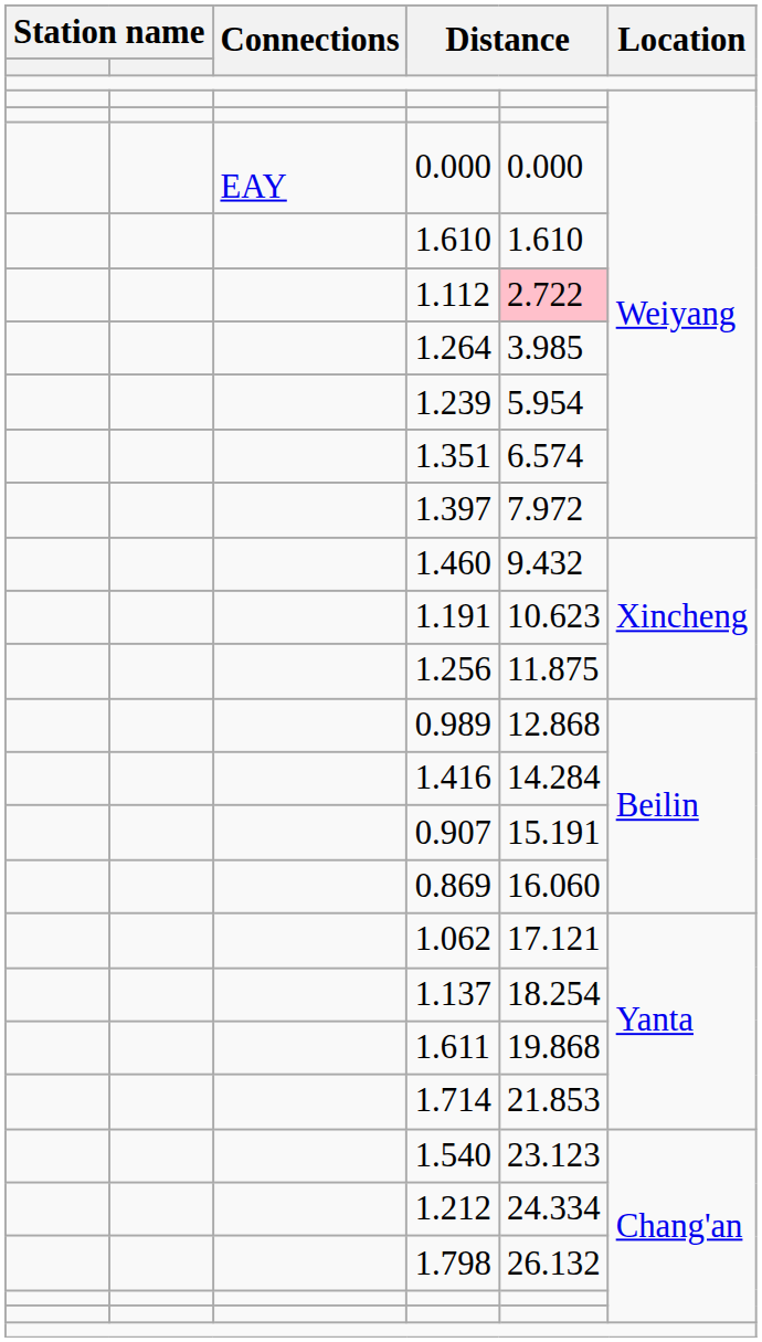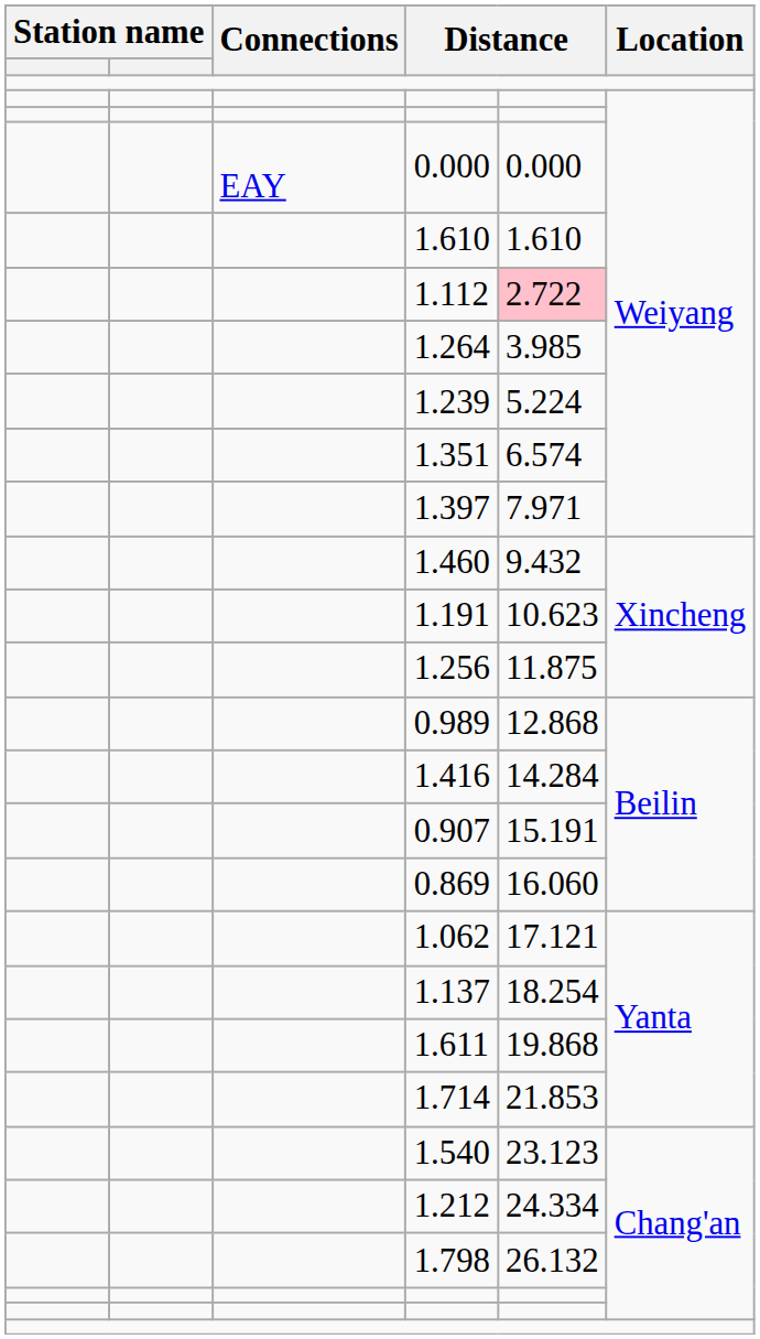 <table class="wikitable">
 <tr>
 <th colspan="2">Station name</th>
 <th rowspan="2">Connections</th>
 <th colspan="2" rowspan="2">Distance<br></th>
 <th rowspan="2">Location</th>
 </tr>
 <tr>
 <th></th>
 <th></th>
 </tr>
 <tr style="background:#">
 <td colspan = "6"></td>
 </tr>
 <tr>
 <td></td>
 <td></td>
 <td></td>
 <td></td>
 <td></td>
 <td rowspan="9"><a href='#'>Weiyang</a></td>
 </tr>
 <tr>
 <td></td>
 <td></td>
 <td></td>
 <td></td>
 <td></td>
 </tr>
 <tr>
 <td></td>
 <td></td>
 <td> <br> <a href='#'>EAY</a></td>
 <td>0.000</td>
 <td>0.000</td>
 </tr>
 <tr>
 <td></td>
 <td></td>
 <td></td>
 <td>1.610</td>
 <td>1.610</td>
 </tr>
 <tr>
 <td></td>
 <td></td>
 <td></td>
 <td>1.112</td>
 <td style="background: pink;">2.722</td>
 </tr>
 <tr>
 <td></td>
 <td></td>
 <td></td>
 <td>1.264</td>
 <td>3.985</td>
 </tr>
 <tr>
 <td></td>
 <td></td>
 <td></td>
 <td>1.239</td>
-<td>5.954</td>
+<td>5.224</td>
 </tr>
 <tr>
 <td></td>
 <td></td>
 <td></td>
 <td>1.351</td>
 <td>6.574</td>
 </tr>
 <tr>
 <td></td>
 <td></td>
 <td></td>
 <td>1.397</td>
-<td>7.972</td>
+<td>7.971</td>
 </tr>
 <tr>
 <td></td>
 <td></td>
 <td></td>
 <td>1.460</td>
 <td>9.432</td>
 <td rowspan="3"><a href='#'>Xincheng</a></td>
 </tr>
 <tr>
 <td></td>
 <td></td>
 <td></td>
 <td>1.191</td>
 <td>10.623</td>
 </tr>
 <tr>
 <td></td>
 <td></td>
 <td></td>
 <td>1.256</td>
 <td>11.875</td>
 </tr>
 <tr>
 <td></td>
 <td></td>
 <td></td>
 <td>0.989</td>
 <td>12.868</td>
 <td rowspan="4"><a href='#'>Beilin</a></td>
 </tr>
 <tr>
 <td></td>
 <td></td>
 <td></td>
 <td>1.416</td>
 <td>14.284</td>
 </tr>
 <tr>
 <td></td>
 <td></td>
 <td></td>
 <td>0.907</td>
 <td>15.191</td>
 </tr>
 <tr>
 <td></td>
 <td></td>
 <td></td>
 <td>0.869</td>
 <td>16.060</td>
 </tr>
 <tr>
 <td></td>
 <td></td>
 <td></td>
 <td>1.062</td>
 <td>17.121</td>
 <td rowspan="4"><a href='#'>Yanta</a></td>
 </tr>
 <tr>
 <td></td>
 <td></td>
 <td></td>
 <td>1.137</td>
 <td>18.254</td>
 </tr>
 <tr>
 <td></td>
 <td></td>
 <td></td>
 <td>1.611</td>
 <td>19.868</td>
 </tr>
 <tr>
 <td></td>
 <td></td>
 <td></td>
 <td>1.714</td>
 <td>21.853</td>
 </tr>
 <tr>
 <td></td>
 <td></td>
 <td></td>
 <td>1.540</td>
 <td>23.123</td>
 <td rowspan="5"><a href='#'>Chang'an</a></td>
 </tr>
 <tr>
 <td></td>
 <td></td>
 <td></td>
 <td>1.212</td>
 <td>24.334</td>
 </tr>
 <tr>
 <td></td>
 <td></td>
 <td></td>
 <td>1.798</td>
 <td>26.132</td>
 </tr>
 <tr>
 <td></td>
 <td></td>
 <td></td>
 <td></td>
 <td></td>
 </tr>
 <tr>
 <td></td>
 <td></td>
 <td></td>
 <td></td>
 <td></td>
 </tr>
 <tr style="background:#">
 <td colspan = "6"></td>
 </tr>
 </table>
